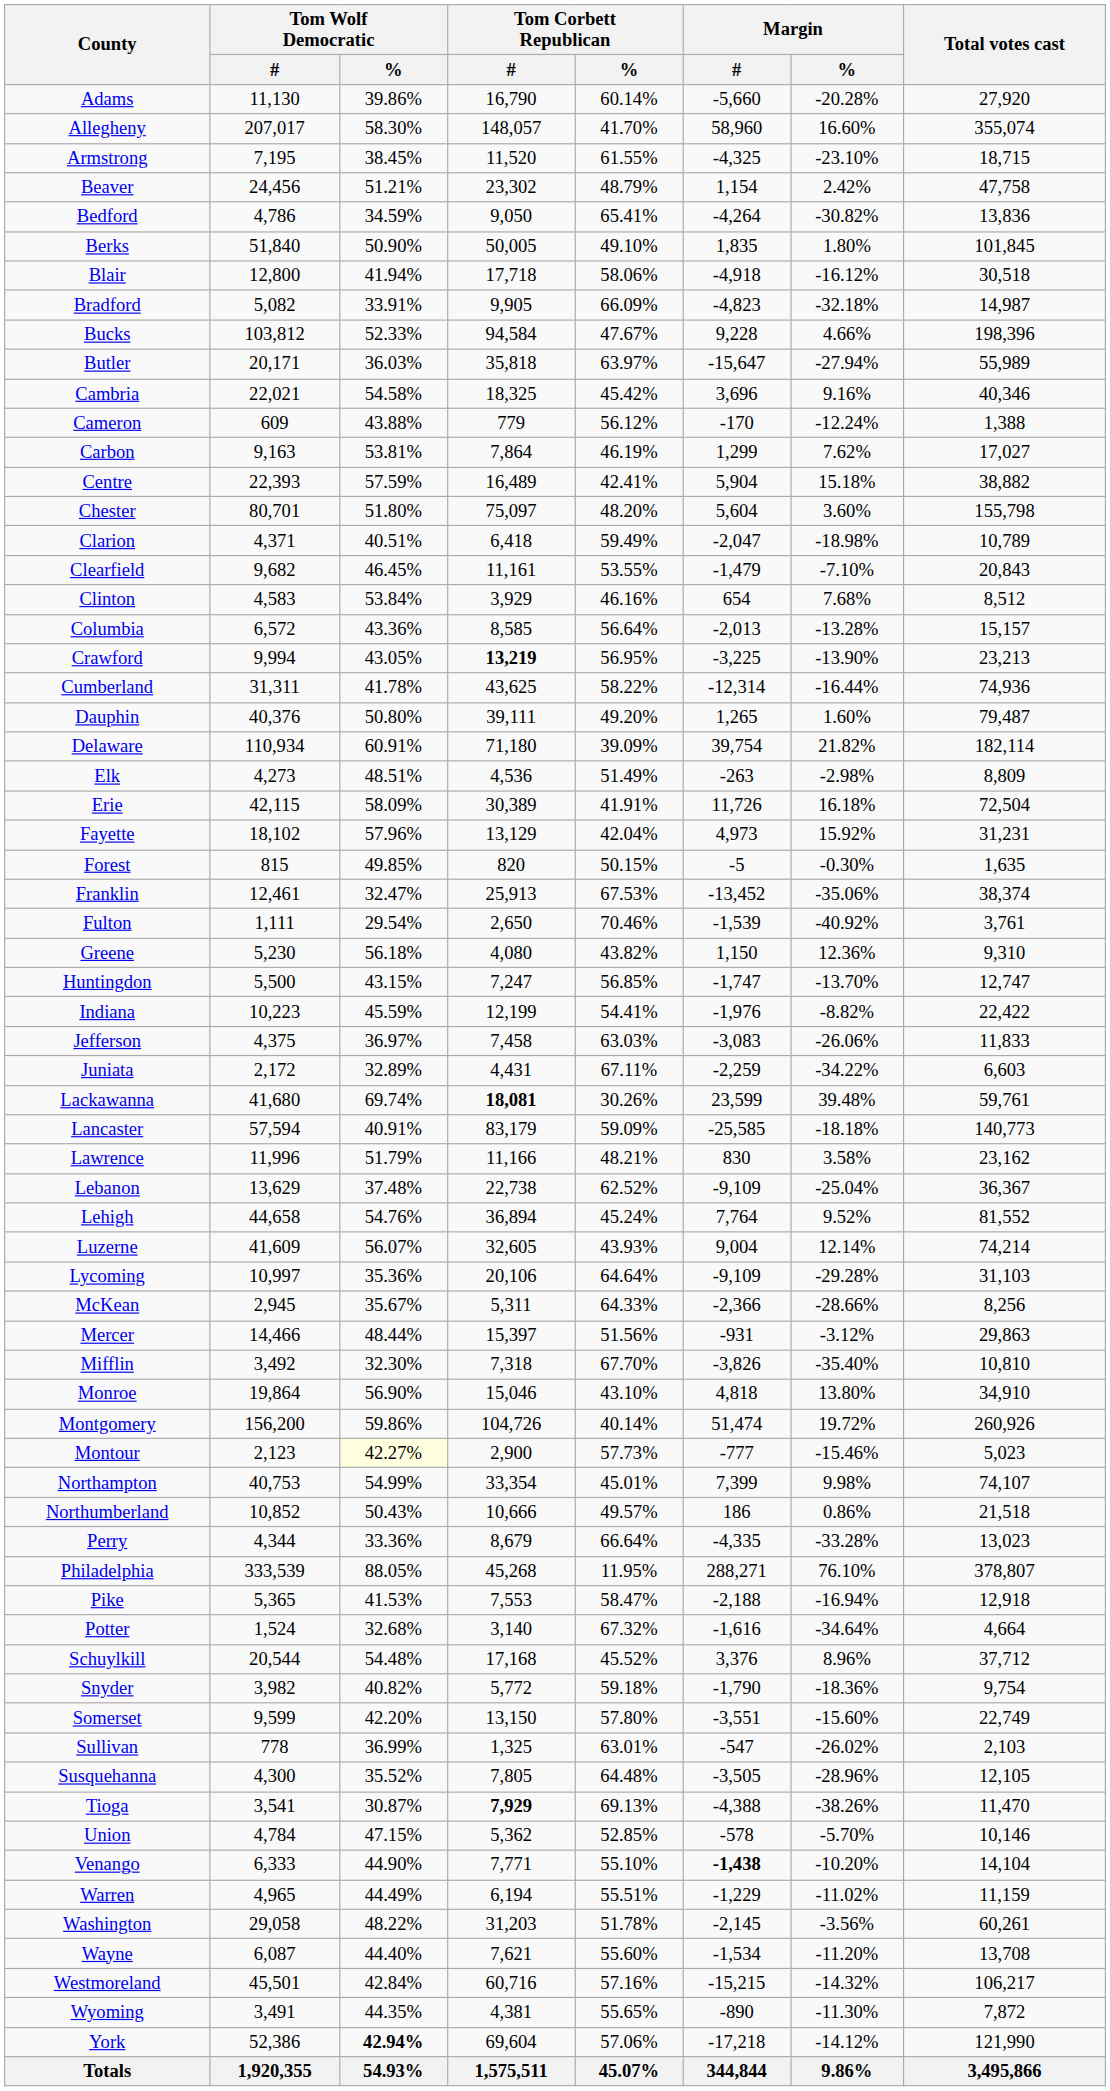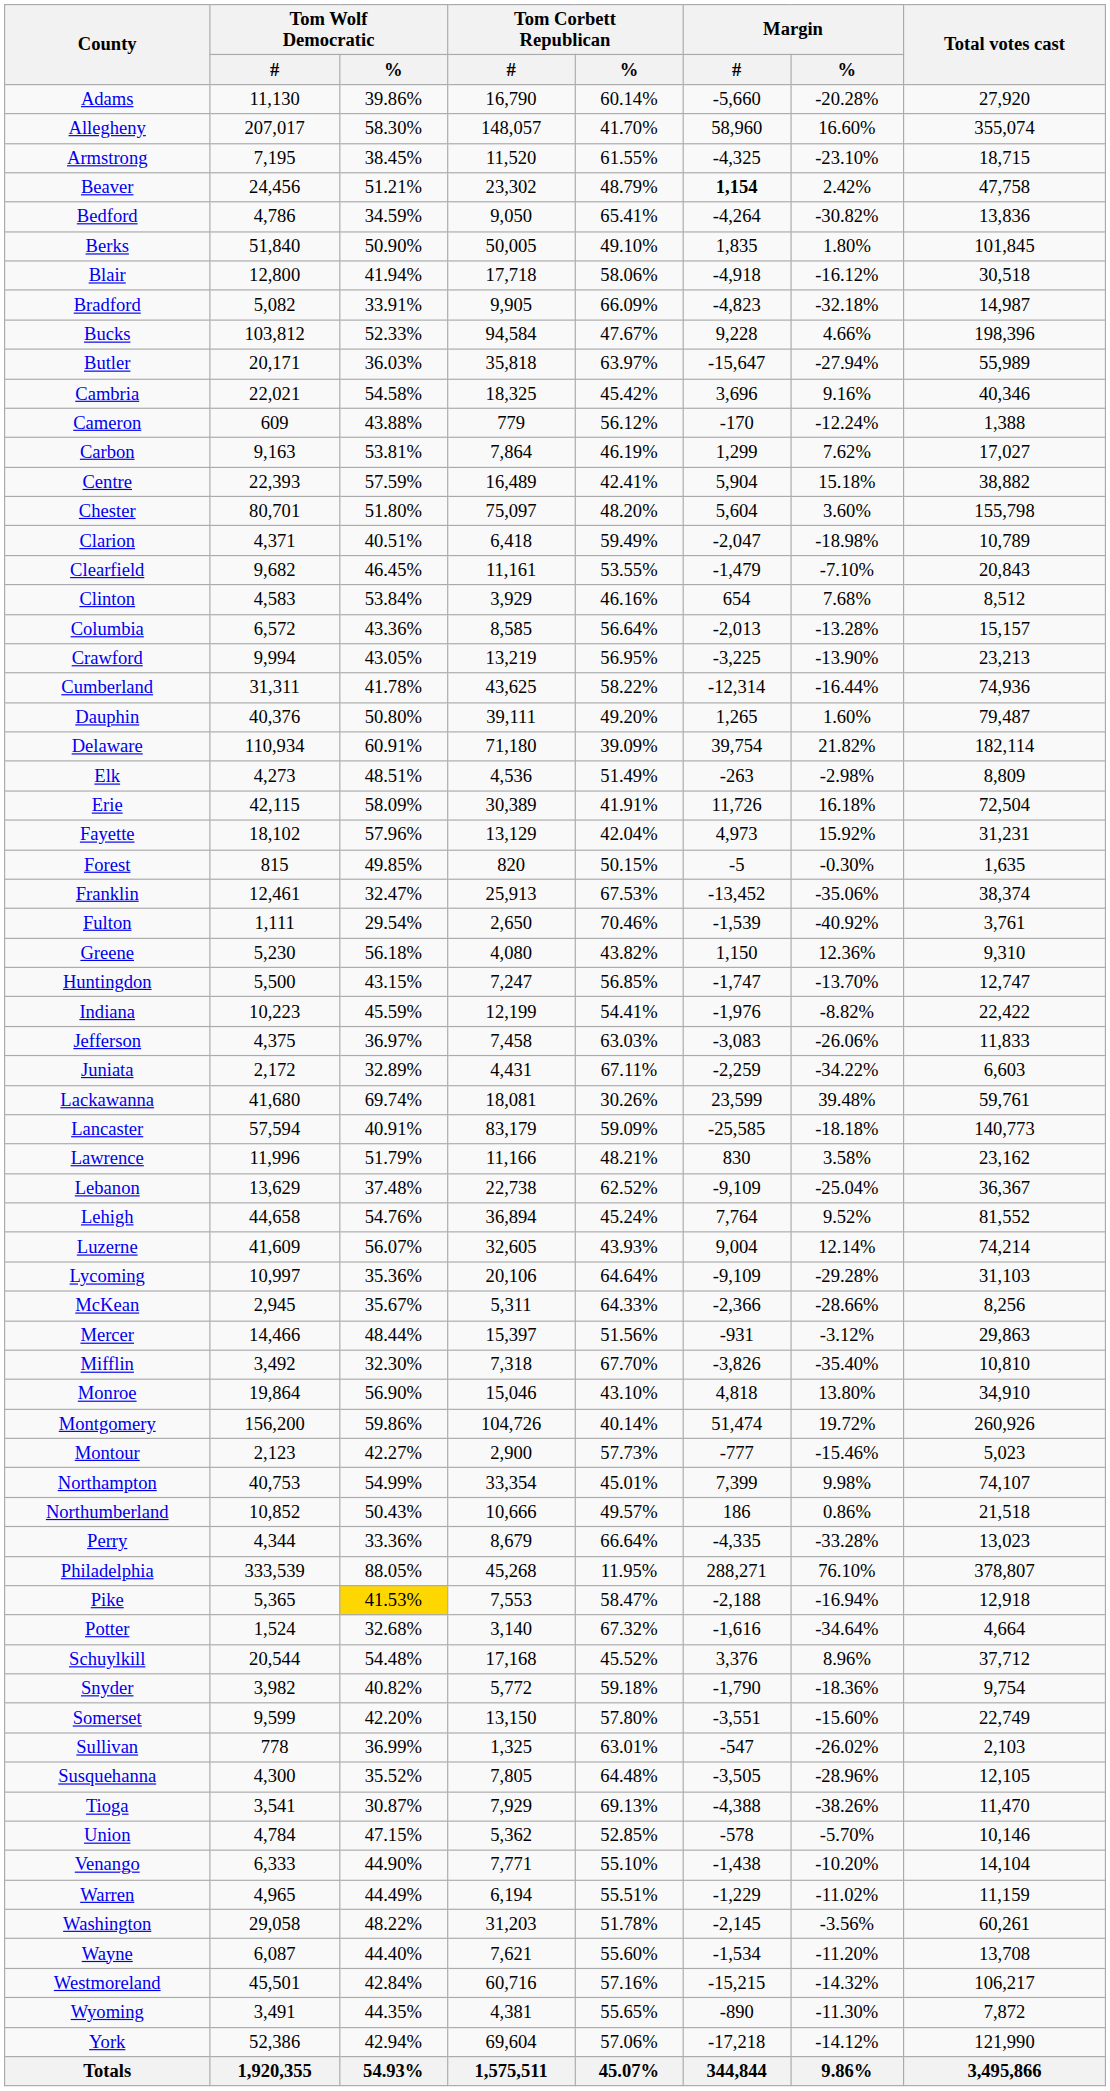 <table width="60%"  class="wikitable sortable" style="text-align:center">
 <tr>
 <th style="text-align:center;" rowspan="2">County</th>
 <th style="text-align:center;" colspan="2">Tom Wolf<br>Democratic</th>
 <th style="text-align:center;" colspan="2">Tom Corbett<br>Republican</th>
 <th style="text-align:center;" colspan="2">Margin</th>
 <th style="text-align:center;" rowspan="2">Total votes cast</th>
 </tr>
 <tr>
 <th style="text-align:center;" data-sort-type="number">#</th>
 <th style="text-align:center;" data-sort-type="number">%</th>
 <th style="text-align:center;" data-sort-type="number">#</th>
 <th style="text-align:center;" data-sort-type="number">%</th>
 <th style="text-align:center;" data-sort-type="number">#</th>
 <th style="text-align:center;" data-sort-type="number">%</th>
 </tr>
 <tr style="text-align:center;">
 <td><a href='#'>Adams</a></td>
 <td>11,130</td>
 <td>39.86%</td>
 <td>16,790</td>
 <td>60.14%</td>
 <td>-5,660</td>
 <td>-20.28%</td>
 <td>27,920</td>
 </tr>
 <tr style="text-align:center;">
 <td><a href='#'>Allegheny</a></td>
 <td>207,017</td>
 <td>58.30%</td>
 <td>148,057</td>
 <td>41.70%</td>
 <td>58,960</td>
 <td>16.60%</td>
 <td>355,074</td>
 </tr>
 <tr style="text-align:center;">
 <td><a href='#'>Armstrong</a></td>
 <td>7,195</td>
 <td>38.45%</td>
 <td>11,520</td>
 <td>61.55%</td>
 <td>-4,325</td>
 <td>-23.10%</td>
 <td>18,715</td>
 </tr>
 <tr style="text-align:center;">
 <td><a href='#'>Beaver</a></td>
 <td>24,456</td>
 <td>51.21%</td>
 <td>23,302</td>
 <td>48.79%</td>
-<td>1,154</td>
+<td><strong>1,154</strong></td>
 <td>2.42%</td>
 <td>47,758</td>
 </tr>
 <tr style="text-align:center;">
 <td><a href='#'>Bedford</a></td>
 <td>4,786</td>
 <td>34.59%</td>
 <td>9,050</td>
 <td>65.41%</td>
 <td>-4,264</td>
 <td>-30.82%</td>
 <td>13,836</td>
 </tr>
 <tr style="text-align:center;">
 <td><a href='#'>Berks</a></td>
 <td>51,840</td>
 <td>50.90%</td>
 <td>50,005</td>
 <td>49.10%</td>
 <td>1,835</td>
 <td>1.80%</td>
 <td>101,845</td>
 </tr>
 <tr style="text-align:center;">
 <td><a href='#'>Blair</a></td>
 <td>12,800</td>
 <td>41.94%</td>
 <td>17,718</td>
 <td>58.06%</td>
 <td>-4,918</td>
 <td>-16.12%</td>
 <td>30,518</td>
 </tr>
 <tr style="text-align:center;">
 <td><a href='#'>Bradford</a></td>
 <td>5,082</td>
 <td>33.91%</td>
 <td>9,905</td>
 <td>66.09%</td>
 <td>-4,823</td>
 <td>-32.18%</td>
 <td>14,987</td>
 </tr>
 <tr style="text-align:center;">
 <td><a href='#'>Bucks</a></td>
 <td>103,812</td>
 <td>52.33%</td>
 <td>94,584</td>
 <td>47.67%</td>
 <td>9,228</td>
 <td>4.66%</td>
 <td>198,396</td>
 </tr>
 <tr style="text-align:center;">
 <td><a href='#'>Butler</a></td>
 <td>20,171</td>
 <td>36.03%</td>
 <td>35,818</td>
 <td>63.97%</td>
 <td>-15,647</td>
 <td>-27.94%</td>
 <td>55,989</td>
 </tr>
 <tr style="text-align:center;">
 <td><a href='#'>Cambria</a></td>
 <td>22,021</td>
 <td>54.58%</td>
 <td>18,325</td>
 <td>45.42%</td>
 <td>3,696</td>
 <td>9.16%</td>
 <td>40,346</td>
 </tr>
 <tr style="text-align:center;">
 <td><a href='#'>Cameron</a></td>
 <td>609</td>
 <td>43.88%</td>
 <td>779</td>
 <td>56.12%</td>
 <td>-170</td>
 <td>-12.24%</td>
 <td>1,388</td>
 </tr>
 <tr style="text-align:center;">
 <td><a href='#'>Carbon</a></td>
 <td>9,163</td>
 <td>53.81%</td>
 <td>7,864</td>
 <td>46.19%</td>
 <td>1,299</td>
 <td>7.62%</td>
 <td>17,027</td>
 </tr>
 <tr style="text-align:center;">
 <td><a href='#'>Centre</a></td>
 <td>22,393</td>
 <td>57.59%</td>
 <td>16,489</td>
 <td>42.41%</td>
 <td>5,904</td>
 <td>15.18%</td>
 <td>38,882</td>
 </tr>
 <tr style="text-align:center;">
 <td><a href='#'>Chester</a></td>
 <td>80,701</td>
 <td>51.80%</td>
 <td>75,097</td>
 <td>48.20%</td>
 <td>5,604</td>
 <td>3.60%</td>
 <td>155,798</td>
 </tr>
 <tr style="text-align:center;">
 <td><a href='#'>Clarion</a></td>
 <td>4,371</td>
 <td>40.51%</td>
 <td>6,418</td>
 <td>59.49%</td>
 <td>-2,047</td>
 <td>-18.98%</td>
 <td>10,789</td>
 </tr>
 <tr style="text-align:center;">
 <td><a href='#'>Clearfield</a></td>
 <td>9,682</td>
 <td>46.45%</td>
 <td>11,161</td>
 <td>53.55%</td>
 <td>-1,479</td>
 <td>-7.10%</td>
 <td>20,843</td>
 </tr>
 <tr style="text-align:center;">
 <td><a href='#'>Clinton</a></td>
 <td>4,583</td>
 <td>53.84%</td>
 <td>3,929</td>
 <td>46.16%</td>
 <td>654</td>
 <td>7.68%</td>
 <td>8,512</td>
 </tr>
 <tr style="text-align:center;">
 <td><a href='#'>Columbia</a></td>
 <td>6,572</td>
 <td>43.36%</td>
 <td>8,585</td>
 <td>56.64%</td>
 <td>-2,013</td>
 <td>-13.28%</td>
 <td>15,157</td>
 </tr>
 <tr style="text-align:center;">
 <td><a href='#'>Crawford</a></td>
 <td>9,994</td>
 <td>43.05%</td>
-<td><strong>13,219</strong></td>
+<td>13,219</td>
 <td>56.95%</td>
 <td>-3,225</td>
 <td>-13.90%</td>
 <td>23,213</td>
 </tr>
 <tr style="text-align:center;">
 <td><a href='#'>Cumberland</a></td>
 <td>31,311</td>
 <td>41.78%</td>
 <td>43,625</td>
 <td>58.22%</td>
 <td>-12,314</td>
 <td>-16.44%</td>
 <td>74,936</td>
 </tr>
 <tr style="text-align:center;">
 <td><a href='#'>Dauphin</a></td>
 <td>40,376</td>
 <td>50.80%</td>
 <td>39,111</td>
 <td>49.20%</td>
 <td>1,265</td>
 <td>1.60%</td>
 <td>79,487</td>
 </tr>
 <tr style="text-align:center;">
 <td><a href='#'>Delaware</a></td>
 <td>110,934</td>
 <td>60.91%</td>
 <td>71,180</td>
 <td>39.09%</td>
 <td>39,754</td>
 <td>21.82%</td>
 <td>182,114</td>
 </tr>
 <tr style="text-align:center;">
 <td><a href='#'>Elk</a></td>
 <td>4,273</td>
 <td>48.51%</td>
 <td>4,536</td>
 <td>51.49%</td>
 <td>-263</td>
 <td>-2.98%</td>
 <td>8,809</td>
 </tr>
 <tr style="text-align:center;">
 <td><a href='#'>Erie</a></td>
 <td>42,115</td>
 <td>58.09%</td>
 <td>30,389</td>
 <td>41.91%</td>
 <td>11,726</td>
 <td>16.18%</td>
 <td>72,504</td>
 </tr>
 <tr style="text-align:center;">
 <td><a href='#'>Fayette</a></td>
 <td>18,102</td>
 <td>57.96%</td>
 <td>13,129</td>
 <td>42.04%</td>
 <td>4,973</td>
 <td>15.92%</td>
 <td>31,231</td>
 </tr>
 <tr style="text-align:center;">
 <td><a href='#'>Forest</a></td>
 <td>815</td>
 <td>49.85%</td>
 <td>820</td>
 <td>50.15%</td>
 <td>-5</td>
 <td>-0.30%</td>
 <td>1,635</td>
 </tr>
 <tr style="text-align:center;">
 <td><a href='#'>Franklin</a></td>
 <td>12,461</td>
 <td>32.47%</td>
 <td>25,913</td>
 <td>67.53%</td>
 <td>-13,452</td>
 <td>-35.06%</td>
 <td>38,374</td>
 </tr>
 <tr style="text-align:center;">
 <td><a href='#'>Fulton</a></td>
 <td>1,111</td>
 <td>29.54%</td>
 <td>2,650</td>
 <td>70.46%</td>
 <td>-1,539</td>
 <td>-40.92%</td>
 <td>3,761</td>
 </tr>
 <tr style="text-align:center;">
 <td><a href='#'>Greene</a></td>
 <td>5,230</td>
 <td>56.18%</td>
 <td>4,080</td>
 <td>43.82%</td>
 <td>1,150</td>
 <td>12.36%</td>
 <td>9,310</td>
 </tr>
 <tr style="text-align:center;">
 <td><a href='#'>Huntingdon</a></td>
 <td>5,500</td>
 <td>43.15%</td>
 <td>7,247</td>
 <td>56.85%</td>
 <td>-1,747</td>
 <td>-13.70%</td>
 <td>12,747</td>
 </tr>
 <tr style="text-align:center;">
 <td><a href='#'>Indiana</a></td>
 <td>10,223</td>
 <td>45.59%</td>
 <td>12,199</td>
 <td>54.41%</td>
 <td>-1,976</td>
 <td>-8.82%</td>
 <td>22,422</td>
 </tr>
 <tr style="text-align:center;">
 <td><a href='#'>Jefferson</a></td>
 <td>4,375</td>
 <td>36.97%</td>
 <td>7,458</td>
 <td>63.03%</td>
 <td>-3,083</td>
 <td>-26.06%</td>
 <td>11,833</td>
 </tr>
 <tr style="text-align:center;">
 <td><a href='#'>Juniata</a></td>
 <td>2,172</td>
 <td>32.89%</td>
 <td>4,431</td>
 <td>67.11%</td>
 <td>-2,259</td>
 <td>-34.22%</td>
 <td>6,603</td>
 </tr>
 <tr style="text-align:center;">
 <td><a href='#'>Lackawanna</a></td>
 <td>41,680</td>
 <td>69.74%</td>
-<td><strong>18,081</strong></td>
+<td>18,081</td>
 <td>30.26%</td>
 <td>23,599</td>
 <td>39.48%</td>
 <td>59,761</td>
 </tr>
 <tr style="text-align:center;">
 <td><a href='#'>Lancaster</a></td>
 <td>57,594</td>
 <td>40.91%</td>
 <td>83,179</td>
 <td>59.09%</td>
 <td>-25,585</td>
 <td>-18.18%</td>
 <td>140,773</td>
 </tr>
 <tr style="text-align:center;">
 <td><a href='#'>Lawrence</a></td>
 <td>11,996</td>
 <td>51.79%</td>
 <td>11,166</td>
 <td>48.21%</td>
 <td>830</td>
 <td>3.58%</td>
 <td>23,162</td>
 </tr>
 <tr style="text-align:center;">
 <td><a href='#'>Lebanon</a></td>
 <td>13,629</td>
 <td>37.48%</td>
 <td>22,738</td>
 <td>62.52%</td>
 <td>-9,109</td>
 <td>-25.04%</td>
 <td>36,367</td>
 </tr>
 <tr style="text-align:center;">
 <td><a href='#'>Lehigh</a></td>
 <td>44,658</td>
 <td>54.76%</td>
 <td>36,894</td>
 <td>45.24%</td>
 <td>7,764</td>
 <td>9.52%</td>
 <td>81,552</td>
 </tr>
 <tr style="text-align:center;">
 <td><a href='#'>Luzerne</a></td>
 <td>41,609</td>
 <td>56.07%</td>
 <td>32,605</td>
 <td>43.93%</td>
 <td>9,004</td>
 <td>12.14%</td>
 <td>74,214</td>
 </tr>
 <tr style="text-align:center;">
 <td><a href='#'>Lycoming</a></td>
 <td>10,997</td>
 <td>35.36%</td>
 <td>20,106</td>
 <td>64.64%</td>
 <td>-9,109</td>
 <td>-29.28%</td>
 <td>31,103</td>
 </tr>
 <tr style="text-align:center;">
 <td><a href='#'>McKean</a></td>
 <td>2,945</td>
 <td>35.67%</td>
 <td>5,311</td>
 <td>64.33%</td>
 <td>-2,366</td>
 <td>-28.66%</td>
 <td>8,256</td>
 </tr>
 <tr style="text-align:center;">
 <td><a href='#'>Mercer</a></td>
 <td>14,466</td>
 <td>48.44%</td>
 <td>15,397</td>
 <td>51.56%</td>
 <td>-931</td>
 <td>-3.12%</td>
 <td>29,863</td>
 </tr>
 <tr style="text-align:center;">
 <td><a href='#'>Mifflin</a></td>
 <td>3,492</td>
 <td>32.30%</td>
 <td>7,318</td>
 <td>67.70%</td>
 <td>-3,826</td>
 <td>-35.40%</td>
 <td>10,810</td>
 </tr>
 <tr style="text-align:center;">
 <td><a href='#'>Monroe</a></td>
 <td>19,864</td>
 <td>56.90%</td>
 <td>15,046</td>
 <td>43.10%</td>
 <td>4,818</td>
 <td>13.80%</td>
 <td>34,910</td>
 </tr>
 <tr style="text-align:center;">
 <td><a href='#'>Montgomery</a></td>
 <td>156,200</td>
 <td>59.86%</td>
 <td>104,726</td>
 <td>40.14%</td>
 <td>51,474</td>
 <td>19.72%</td>
 <td>260,926</td>
 </tr>
 <tr style="text-align:center;">
 <td><a href='#'>Montour</a></td>
 <td>2,123</td>
-<td style="background: lightyellow;">42.27%</td>
+<td>42.27%</td>
 <td>2,900</td>
 <td>57.73%</td>
 <td>-777</td>
 <td>-15.46%</td>
 <td>5,023</td>
 </tr>
 <tr style="text-align:center;">
 <td><a href='#'>Northampton</a></td>
 <td>40,753</td>
 <td>54.99%</td>
 <td>33,354</td>
 <td>45.01%</td>
 <td>7,399</td>
 <td>9.98%</td>
 <td>74,107</td>
 </tr>
 <tr style="text-align:center;">
 <td><a href='#'>Northumberland</a></td>
 <td>10,852</td>
 <td>50.43%</td>
 <td>10,666</td>
 <td>49.57%</td>
 <td>186</td>
 <td>0.86%</td>
 <td>21,518</td>
 </tr>
 <tr style="text-align:center;">
 <td><a href='#'>Perry</a></td>
 <td>4,344</td>
 <td>33.36%</td>
 <td>8,679</td>
 <td>66.64%</td>
 <td>-4,335</td>
 <td>-33.28%</td>
 <td>13,023</td>
 </tr>
 <tr style="text-align:center;">
 <td><a href='#'>Philadelphia</a></td>
 <td>333,539</td>
 <td>88.05%</td>
 <td>45,268</td>
 <td>11.95%</td>
 <td>288,271</td>
 <td>76.10%</td>
 <td>378,807</td>
 </tr>
 <tr style="text-align:center;">
 <td><a href='#'>Pike</a></td>
 <td>5,365</td>
-<td>41.53%</td>
+<td style="background: gold;">41.53%</td>
 <td>7,553</td>
 <td>58.47%</td>
 <td>-2,188</td>
 <td>-16.94%</td>
 <td>12,918</td>
 </tr>
 <tr style="text-align:center;">
 <td><a href='#'>Potter</a></td>
 <td>1,524</td>
 <td>32.68%</td>
 <td>3,140</td>
 <td>67.32%</td>
 <td>-1,616</td>
 <td>-34.64%</td>
 <td>4,664</td>
 </tr>
 <tr style="text-align:center;">
 <td><a href='#'>Schuylkill</a></td>
 <td>20,544</td>
 <td>54.48%</td>
 <td>17,168</td>
 <td>45.52%</td>
 <td>3,376</td>
 <td>8.96%</td>
 <td>37,712</td>
 </tr>
 <tr style="text-align:center;">
 <td><a href='#'>Snyder</a></td>
 <td>3,982</td>
 <td>40.82%</td>
 <td>5,772</td>
 <td>59.18%</td>
 <td>-1,790</td>
 <td>-18.36%</td>
 <td>9,754</td>
 </tr>
 <tr style="text-align:center;">
 <td><a href='#'>Somerset</a></td>
 <td>9,599</td>
 <td>42.20%</td>
 <td>13,150</td>
 <td>57.80%</td>
 <td>-3,551</td>
 <td>-15.60%</td>
 <td>22,749</td>
 </tr>
 <tr style="text-align:center;">
 <td><a href='#'>Sullivan</a></td>
 <td>778</td>
 <td>36.99%</td>
 <td>1,325</td>
 <td>63.01%</td>
 <td>-547</td>
 <td>-26.02%</td>
 <td>2,103</td>
 </tr>
 <tr style="text-align:center;">
 <td><a href='#'>Susquehanna</a></td>
 <td>4,300</td>
 <td>35.52%</td>
 <td>7,805</td>
 <td>64.48%</td>
 <td>-3,505</td>
 <td>-28.96%</td>
 <td>12,105</td>
 </tr>
 <tr style="text-align:center;">
 <td><a href='#'>Tioga</a></td>
 <td>3,541</td>
 <td>30.87%</td>
-<td><strong>7,929</strong></td>
+<td>7,929</td>
 <td>69.13%</td>
 <td>-4,388</td>
 <td>-38.26%</td>
 <td>11,470</td>
 </tr>
 <tr style="text-align:center;">
 <td><a href='#'>Union</a></td>
 <td>4,784</td>
 <td>47.15%</td>
 <td>5,362</td>
 <td>52.85%</td>
 <td>-578</td>
 <td>-5.70%</td>
 <td>10,146</td>
 </tr>
 <tr style="text-align:center;">
 <td><a href='#'>Venango</a></td>
 <td>6,333</td>
 <td>44.90%</td>
 <td>7,771</td>
 <td>55.10%</td>
-<td><strong>-1,438</strong></td>
+<td>-1,438</td>
 <td>-10.20%</td>
 <td>14,104</td>
 </tr>
 <tr style="text-align:center;">
 <td><a href='#'>Warren</a></td>
 <td>4,965</td>
 <td>44.49%</td>
 <td>6,194</td>
 <td>55.51%</td>
 <td>-1,229</td>
 <td>-11.02%</td>
 <td>11,159</td>
 </tr>
 <tr style="text-align:center;">
 <td><a href='#'>Washington</a></td>
 <td>29,058</td>
 <td>48.22%</td>
 <td>31,203</td>
 <td>51.78%</td>
 <td>-2,145</td>
 <td>-3.56%</td>
 <td>60,261</td>
 </tr>
 <tr style="text-align:center;">
 <td><a href='#'>Wayne</a></td>
 <td>6,087</td>
 <td>44.40%</td>
 <td>7,621</td>
 <td>55.60%</td>
 <td>-1,534</td>
 <td>-11.20%</td>
 <td>13,708</td>
 </tr>
 <tr style="text-align:center;">
 <td><a href='#'>Westmoreland</a></td>
 <td>45,501</td>
 <td>42.84%</td>
 <td>60,716</td>
 <td>57.16%</td>
 <td>-15,215</td>
 <td>-14.32%</td>
 <td>106,217</td>
 </tr>
 <tr style="text-align:center;">
 <td><a href='#'>Wyoming</a></td>
 <td>3,491</td>
 <td>44.35%</td>
 <td>4,381</td>
 <td>55.65%</td>
 <td>-890</td>
 <td>-11.30%</td>
 <td>7,872</td>
 </tr>
 <tr style="text-align:center;">
 <td><a href='#'>York</a></td>
 <td>52,386</td>
-<td><strong>42.94%</strong></td>
+<td>42.94%</td>
 <td>69,604</td>
 <td>57.06%</td>
 <td>-17,218</td>
 <td>-14.12%</td>
 <td>121,990</td>
 </tr>
 <tr style="text-align:center;">
 <th>Totals</th>
 <th>1,920,355</th>
 <th>54.93%</th>
 <th>1,575,511</th>
 <th>45.07%</th>
 <th>344,844</th>
 <th>9.86%</th>
 <th>3,495,866</th>
 </tr>
 </table>
